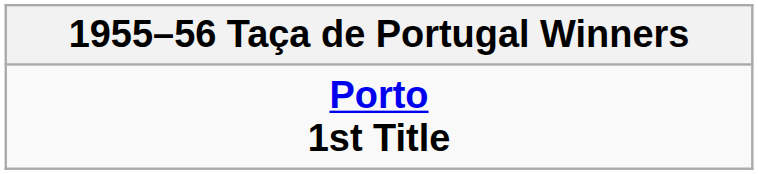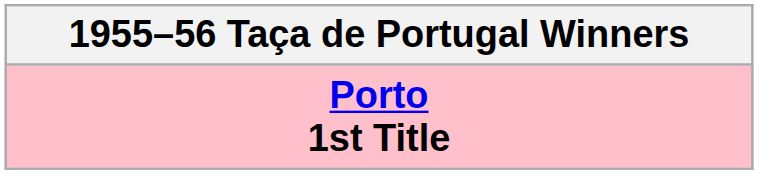 <table class="wikitable" style="text-align: center; margin: 0 auto; width: 20%">
 <tr>
 <th>1955–56 Taça de Portugal Winners</th>
 </tr>
 <tr>
-<td><strong><a href='#'>Porto</a></strong><br><strong>1st Title</strong></td>
+<td style="background: pink;"><strong><a href='#'>Porto</a></strong><br><strong>1st Title</strong></td>
 </tr>
 </table>
